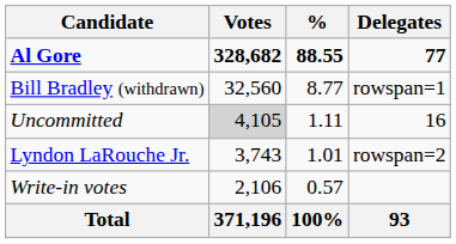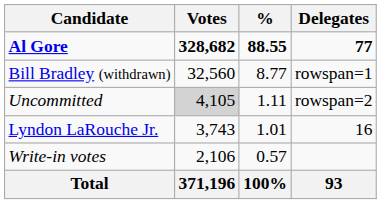 <table class="wikitable sortable" style="text-align:right;">
 <tr>
 <th>Candidate</th>
 <th>Votes</th>
 <th>%</th>
 <th>Delegates</th>
 </tr>
 <tr>
 <td style="text-align:left;" data-sort-value="Gore, Al"><strong><a href='#'>Al Gore</a></strong></td>
 <td><strong>328,682</strong></td>
 <td><strong>88.55</strong></td>
 <td><strong>77</strong></td>
 </tr>
 <tr>
 <td style="text-align:left;" data-sort-value="Bradley, Bill"><a href='#'>Bill Bradley</a> <small>(withdrawn)</small></td>
 <td>32,560</td>
 <td>8.77</td>
 <td>rowspan=1 </td>
 </tr>
 <tr>
 <td style="text-align:left;" data-sort-value="ZZZ"><em>Uncommitted</em></td>
 <td style="background: lightgrey;">4,105</td>
 <td>1.11</td>
-<td>16</td>
+<td>rowspan=2 </td>
 </tr>
 <tr>
 <td style="text-align:left;" data-sort-value="LaRouche Jr., Lyndon"><a href='#'>Lyndon LaRouche Jr.</a></td>
 <td>3,743</td>
 <td>1.01</td>
-<td>rowspan=2 </td>
+<td>16</td>
 </tr>
 <tr>
 <td style="text-align:left;" data-sort-value="ZZZ"><em>Write-in votes</em></td>
 <td>2,106</td>
 <td>0.57</td>
 </tr>
 <tr>
 <th>Total</th>
 <th>371,196</th>
 <th>100%</th>
 <th>93</th>
 </tr>
 </table>
